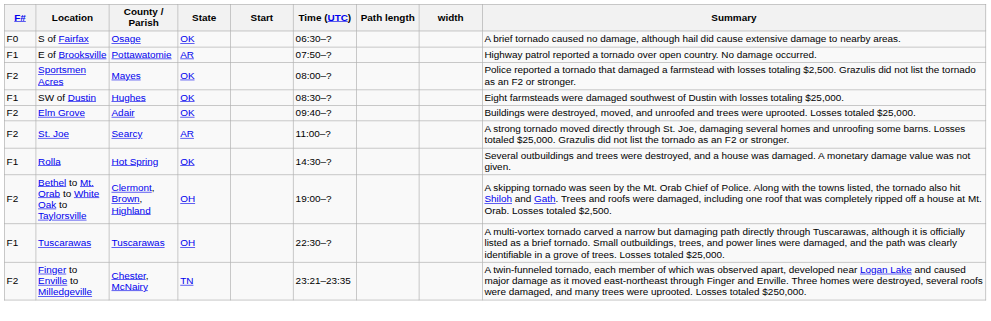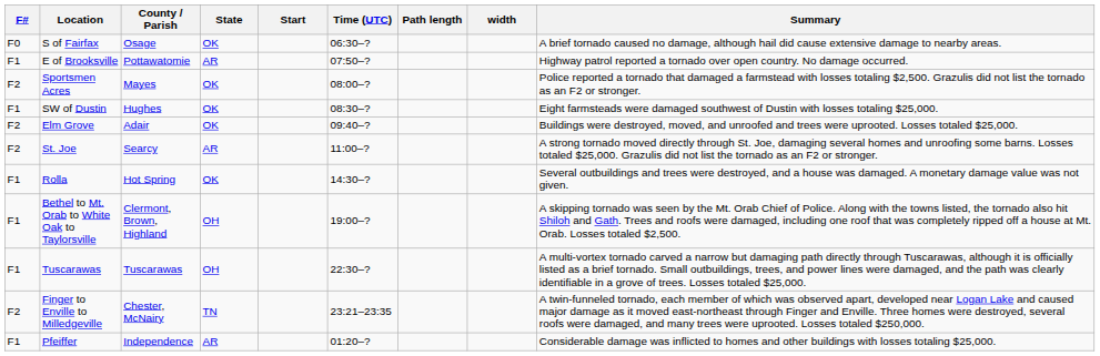 <table class="wikitable sortable" style="width:100%;">
 <tr>
 <th scope="col"  style="width:3%; text-align:center;"><a href='#'>F#</a></th>
 <th scope="col"  style="width:7%; text-align:center;" class="unsortable">Location</th>
 <th scope="col"  style="width:6%; text-align:center;" class="unsortable">County / Parish</th>
 <th scope="col"  style="width:5%; text-align:center;">State</th>
 <th scope="col"  style="width:6%; text-align:center;">Start<br></th>
 <th scope="col"  style="width:6%; text-align:center;">Time (<a href='#'>UTC</a>)</th>
 <th scope="col"  style="width:6%; text-align:center;">Path length</th>
 <th scope="col"  style="width:6%; text-align:center;"> width</th>
 <th scope="col" class="unsortable" style="width:48%; text-align:center;">Summary</th>
 </tr>
 <tr>
 <td>F0</td>
 <td>S of <a href='#'>Fairfax</a></td>
 <td><a href='#'>Osage</a></td>
 <td><a href='#'>OK</a></td>
 <td></td>
 <td>06:30–?</td>
 <td></td>
 <td></td>
 <td>A brief tornado caused no damage, although  hail did cause extensive damage to nearby areas.</td>
 </tr>
 <tr>
 <td>F1</td>
 <td>E of <a href='#'>Brooksville</a></td>
 <td><a href='#'>Pottawatomie</a></td>
 <td><a href='#'>AR</a></td>
 <td></td>
 <td>07:50–?</td>
 <td></td>
 <td></td>
 <td>Highway patrol reported a tornado over open country. No damage occurred.</td>
 </tr>
 <tr>
 <td>F2</td>
 <td><a href='#'>Sportsmen Acres</a></td>
 <td><a href='#'>Mayes</a></td>
 <td><a href='#'>OK</a></td>
 <td></td>
 <td>08:00–?</td>
 <td></td>
 <td></td>
 <td>Police reported a tornado that damaged a farmstead with losses totaling $2,500. Grazulis did not list the tornado as an F2 or stronger.</td>
 </tr>
 <tr>
 <td>F1</td>
 <td>SW of <a href='#'>Dustin</a></td>
 <td><a href='#'>Hughes</a></td>
 <td><a href='#'>OK</a></td>
 <td></td>
 <td>08:30–?</td>
 <td></td>
 <td></td>
 <td>Eight farmsteads were damaged southwest of Dustin with losses totaling $25,000.</td>
 </tr>
 <tr>
 <td>F2</td>
 <td><a href='#'>Elm Grove</a></td>
 <td><a href='#'>Adair</a></td>
 <td><a href='#'>OK</a></td>
 <td></td>
 <td>09:40–?</td>
 <td></td>
 <td></td>
 <td>Buildings were destroyed, moved, and unroofed and trees were uprooted. Losses totaled $25,000.</td>
 </tr>
 <tr>
 <td>F2</td>
 <td><a href='#'>St. Joe</a></td>
 <td><a href='#'>Searcy</a></td>
 <td><a href='#'>AR</a></td>
 <td></td>
 <td>11:00–?</td>
 <td></td>
 <td></td>
 <td>A strong tornado moved directly through St. Joe, damaging several homes and unroofing some barns. Losses totaled $25,000. Grazulis did not list the tornado as an F2 or stronger.</td>
 </tr>
 <tr>
 <td>F1</td>
 <td><a href='#'>Rolla</a></td>
 <td><a href='#'>Hot Spring</a></td>
 <td><a href='#'>OK</a></td>
 <td></td>
 <td>14:30–?</td>
 <td></td>
 <td></td>
 <td>Several outbuildings and trees were destroyed, and a house was damaged. A monetary damage value was not given.</td>
 </tr>
 <tr>
-<td>F2</td>
+<td>F1</td>
 <td><a href='#'>Bethel</a> to <a href='#'>Mt. Orab</a> to <a href='#'>White Oak</a> to <a href='#'>Taylorsville</a></td>
 <td><a href='#'>Clermont</a>, <a href='#'>Brown</a>, <a href='#'>Highland</a></td>
 <td><a href='#'>OH</a></td>
 <td></td>
 <td>19:00–?</td>
 <td></td>
 <td></td>
 <td>A skipping tornado was seen by the Mt. Orab Chief of Police. Along with the towns listed, the tornado also hit <a href='#'>Shiloh</a> and <a href='#'>Gath</a>. Trees and roofs were damaged, including one roof that was completely ripped off a house at Mt. Orab. Losses totaled $2,500.</td>
 </tr>
 <tr>
 <td>F1</td>
 <td><a href='#'>Tuscarawas</a></td>
 <td><a href='#'>Tuscarawas</a></td>
 <td><a href='#'>OH</a></td>
 <td></td>
 <td>22:30–?</td>
 <td></td>
 <td></td>
 <td>A multi-vortex tornado carved a narrow but damaging  path directly through Tuscarawas, although it is officially listed as a brief tornado. Small outbuildings, trees, and power lines were damaged, and the path was clearly identifiable in a grove of trees. Losses totaled $25,000.</td>
 </tr>
 <tr>
 <td>F2</td>
 <td><a href='#'>Finger</a> to <a href='#'>Enville</a> to <a href='#'>Milledgeville</a></td>
 <td><a href='#'>Chester</a>, <a href='#'>McNairy</a></td>
 <td><a href='#'>TN</a></td>
 <td></td>
 <td>23:21–23:35</td>
 <td></td>
 <td></td>
 <td>A twin-funneled tornado, each member of which was observed  apart, developed near <a href='#'>Logan Lake</a> and caused major damage as it moved east-northeast through Finger and Enville. Three homes were destroyed, several roofs were damaged, and many trees were uprooted. Losses totaled $250,000.</td>
 </tr>
+<tr>
+<td>F1</td>
+<td><a href='#'>Pfeiffer</a></td>
+<td><a href='#'>Independence</a></td>
+<td><a href='#'>AR</a></td>
+<td></td>
+<td>01:20–?</td>
+<td></td>
+<td></td>
+<td>Considerable damage was inflicted to homes and other buildings with losses totaling $25,000.</td>
+</tr>
 </table>
